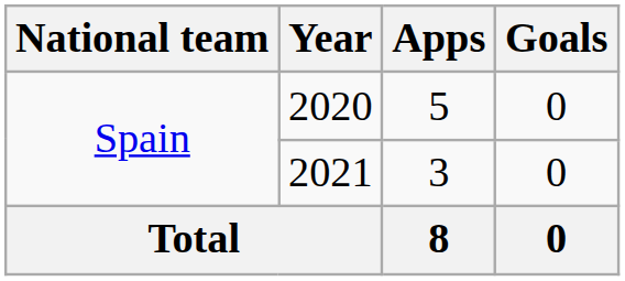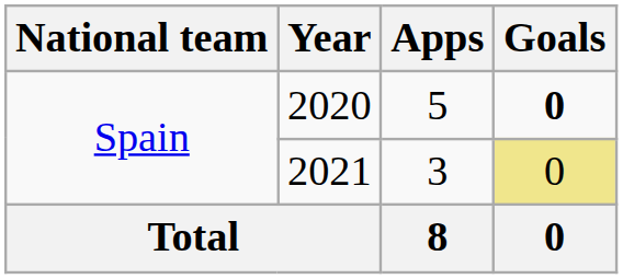 <table class=wikitable style="text-align:center">
 <tr>
 <th>National team</th>
 <th>Year</th>
 <th>Apps</th>
 <th>Goals</th>
 </tr>
 <tr>
 <td rowspan=2><a href='#'>Spain</a></td>
 <td>2020</td>
 <td>5</td>
-<td>0</td>
+<td><strong>0</strong></td>
 </tr>
 <tr>
 <td>2021</td>
 <td>3</td>
-<td>0</td>
+<td style="background: khaki;">0</td>
 </tr>
 <tr>
 <th colspan=2>Total</th>
 <th>8</th>
 <th>0</th>
 </tr>
 </table>
